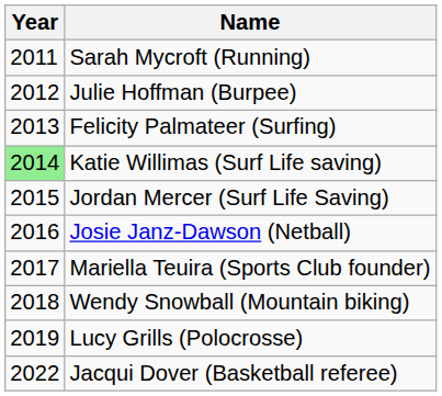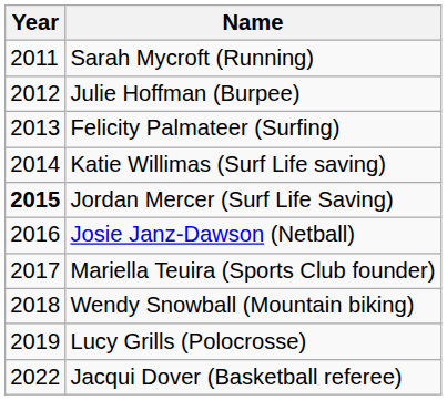 <table class="wikitable sortable">
 <tr>
 <th>Year</th>
 <th>Name</th>
 </tr>
 <tr>
 <td>2011</td>
 <td>Sarah Mycroft (Running)</td>
 </tr>
 <tr>
 <td>2012</td>
 <td>Julie Hoffman (Burpee)</td>
 </tr>
 <tr>
 <td>2013</td>
 <td>Felicity Palmateer (Surfing)</td>
 </tr>
 <tr>
-<td style="background: lightgreen;">2014</td>
+<td>2014</td>
 <td>Katie Willimas (Surf Life saving)</td>
 </tr>
 <tr>
-<td>2015</td>
+<td><strong>2015</strong></td>
 <td>Jordan Mercer (Surf Life Saving)</td>
 </tr>
 <tr>
 <td>2016</td>
 <td><a href='#'>Josie Janz-Dawson</a> (Netball)</td>
 </tr>
 <tr>
 <td>2017</td>
 <td>Mariella Teuira (Sports Club founder)</td>
 </tr>
 <tr>
 <td>2018</td>
 <td>Wendy Snowball (Mountain biking)</td>
 </tr>
 <tr>
 <td>2019</td>
 <td>Lucy Grills (Polocrosse)</td>
 </tr>
 <tr>
 <td>2022</td>
 <td>Jacqui Dover (Basketball referee)</td>
 </tr>
 </table>
